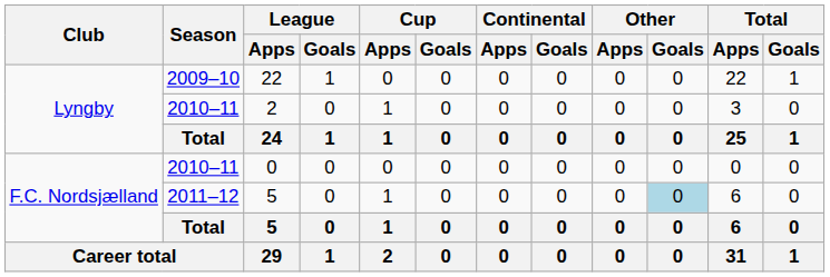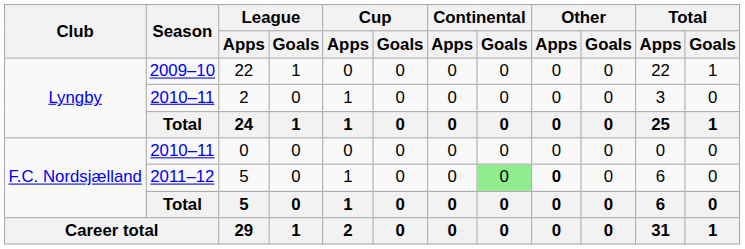 <table class="wikitable" style="text-align:center">
 <tr>
 <th rowspan="2">Club</th>
 <th rowspan="2">Season</th>
 <th colspan="2">League</th>
 <th colspan="2">Cup</th>
 <th colspan="2">Continental</th>
 <th colspan="2">Other</th>
 <th colspan="2">Total</th>
 </tr>
 <tr>
 <th>Apps</th>
 <th>Goals</th>
 <th>Apps</th>
 <th>Goals</th>
 <th>Apps</th>
 <th>Goals</th>
 <th>Apps</th>
 <th>Goals</th>
 <th>Apps</th>
 <th>Goals</th>
 </tr>
 <tr>
 <td rowspan="3"><a href='#'>Lyngby</a></td>
 <td><a href='#'>2009–10</a></td>
 <td>22</td>
 <td>1</td>
 <td>0</td>
 <td>0</td>
 <td>0</td>
 <td>0</td>
 <td>0</td>
 <td>0</td>
 <td>22</td>
 <td>1</td>
 </tr>
 <tr>
 <td><a href='#'>2010–11</a></td>
 <td>2</td>
 <td>0</td>
 <td>1</td>
 <td>0</td>
 <td>0</td>
 <td>0</td>
 <td>0</td>
 <td>0</td>
 <td>3</td>
 <td>0</td>
 </tr>
 <tr>
 <th>Total</th>
 <th>24</th>
 <th>1</th>
 <th>1</th>
 <th>0</th>
 <th>0</th>
 <th>0</th>
 <th>0</th>
 <th>0</th>
 <th>25</th>
 <th>1</th>
 </tr>
 <tr>
 <td rowspan="3"><a href='#'>F.C. Nordsjælland</a></td>
 <td><a href='#'>2010–11</a></td>
 <td>0</td>
 <td>0</td>
 <td>0</td>
 <td>0</td>
 <td>0</td>
 <td>0</td>
 <td>0</td>
 <td>0</td>
 <td>0</td>
 <td>0</td>
 </tr>
 <tr>
 <td><a href='#'>2011–12</a></td>
 <td>5</td>
 <td>0</td>
 <td>1</td>
 <td>0</td>
 <td>0</td>
+<td style="background: lightgreen;">0</td>
+<td><strong>0</strong></td>
 <td>0</td>
-<td>0</td>
-<td style="background: lightblue;">0</td>
 <td>6</td>
 <td>0</td>
 </tr>
 <tr>
 <th>Total</th>
 <th>5</th>
 <th>0</th>
 <th>1</th>
 <th>0</th>
 <th>0</th>
 <th>0</th>
 <th>0</th>
 <th>0</th>
 <th>6</th>
 <th>0</th>
 </tr>
 <tr>
 <th colspan="2">Career total</th>
 <th>29</th>
 <th>1</th>
 <th>2</th>
 <th>0</th>
 <th>0</th>
 <th>0</th>
 <th>0</th>
 <th>0</th>
 <th>31</th>
 <th>1</th>
 </tr>
 </table>
